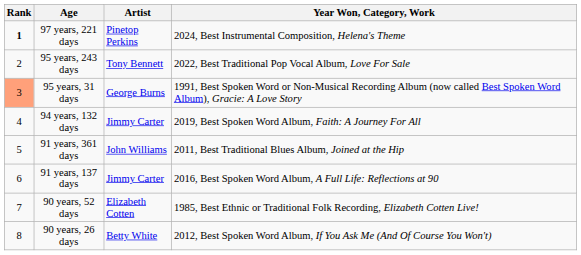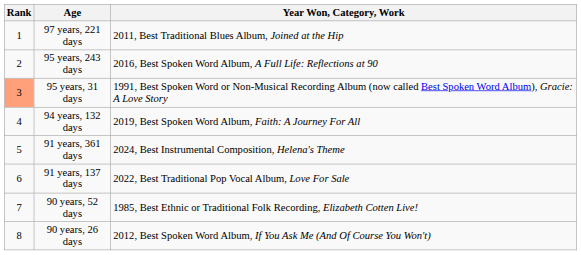 <table class="wikitable" style=" text-align: center; cellpadding: 2;">
 <tr>
 <th>Rank</th>
 <th>Age</th>
-<th>Artist</th>
 <th>Year Won, Category, Work</th>
 </tr>
 <tr>
-<td><strong>1</strong></td>
+<td>1</td>
 <td>97 years, 221 days</td>
-<td style="text-align: left;"><a href='#'>Pinetop Perkins</a></td>
-<td style="text-align: left;">2024, Best Instrumental Composition, <em>Helena's Theme</em></td>
+<td style="text-align: left;">2011, Best Traditional Blues Album, <em>Joined at the Hip</em></td>
 </tr>
 <tr>
 <td>2</td>
 <td>95 years, 243 days</td>
-<td style="text-align: left;"><a href='#'>Tony Bennett</a></td>
-<td style="text-align: left;">2022, Best Traditional Pop Vocal Album, <em>Love For Sale</em></td>
+<td style="text-align: left;">2016, Best Spoken Word Album, <em>A Full Life: Reflections at 90</em></td>
 </tr>
 <tr>
 <td style="background: lightsalmon;">3</td>
 <td>95 years, 31 days</td>
-<td style="text-align: left;"><a href='#'>George Burns</a></td>
 <td style="text-align: left;">1991, Best Spoken Word or Non-Musical Recording Album (now called <a href='#'>Best Spoken Word Album</a>), <em>Gracie: A Love Story</em></td>
 </tr>
 <tr>
 <td>4</td>
 <td>94 years, 132 days</td>
-<td style="text-align: left;"><a href='#'>Jimmy Carter</a></td>
 <td style="text-align: left;">2019, Best Spoken Word Album, <em>Faith: A Journey For All</em></td>
 </tr>
 <tr>
 <td>5</td>
 <td>91 years, 361 days</td>
-<td style="text-align: left;"><a href='#'>John Williams</a></td>
-<td style="text-align: left;">2011, Best Traditional Blues Album, <em>Joined at the Hip</em></td>
+<td style="text-align: left;">2024, Best Instrumental Composition, <em>Helena's Theme</em></td>
 </tr>
 <tr>
 <td>6</td>
 <td>91 years, 137 days</td>
-<td style="text-align: left;"><a href='#'>Jimmy Carter</a></td>
-<td style="text-align: left;">2016, Best Spoken Word Album, <em>A Full Life: Reflections at 90</em></td>
+<td style="text-align: left;">2022, Best Traditional Pop Vocal Album, <em>Love For Sale</em></td>
 </tr>
 <tr>
 <td>7</td>
 <td>90 years, 52 days</td>
-<td style="text-align: left;"><a href='#'>Elizabeth Cotten</a></td>
 <td style="text-align: left;">1985, Best Ethnic or Traditional Folk Recording, <em>Elizabeth Cotten Live!</em></td>
 </tr>
 <tr>
 <td>8</td>
 <td>90 years, 26 days</td>
-<td style="text-align: left;"><a href='#'>Betty White</a></td>
 <td style="text-align: left;">2012, Best Spoken Word Album, <em>If You Ask Me (And Of Course You Won't)</em></td>
 </tr>
 </table>
